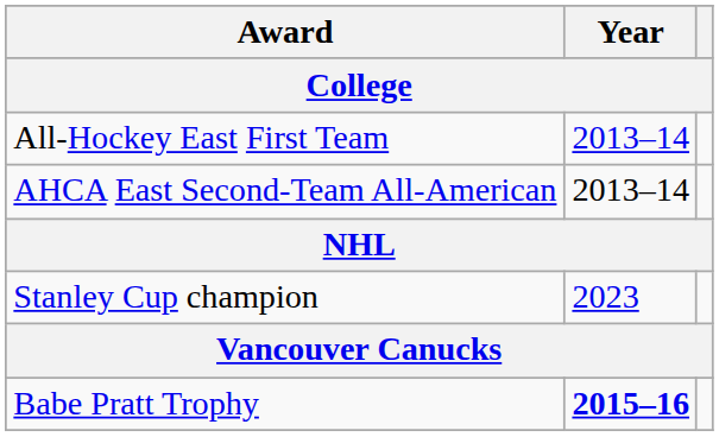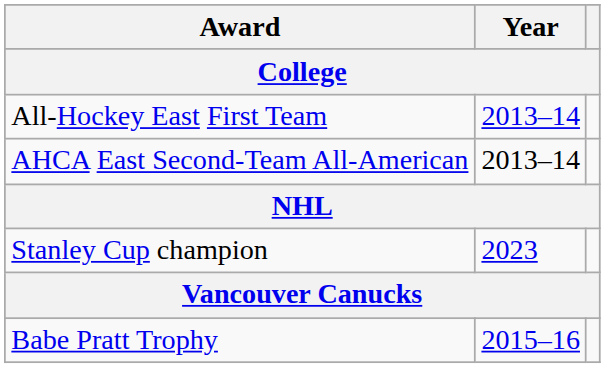 <table class="wikitable">
 <tr>
 <th>Award</th>
 <th>Year</th>
 <th></th>
 </tr>
 <tr>
 <th colspan="3"><a href='#'>College</a></th>
 </tr>
 <tr>
 <td>All-<a href='#'>Hockey East</a> <a href='#'>First Team</a></td>
 <td><a href='#'>2013–14</a></td>
 <td></td>
 </tr>
 <tr>
 <td><a href='#'>AHCA</a> <a href='#'>East Second-Team All-American</a></td>
 <td>2013–14</td>
 <td></td>
 </tr>
 <tr>
 <th colspan="3"><a href='#'>NHL</a></th>
 </tr>
 <tr>
 <td><a href='#'>Stanley Cup</a> champion</td>
 <td><a href='#'>2023</a></td>
 <td></td>
 </tr>
 <tr>
 <th colspan="3"><a href='#'>Vancouver Canucks</a></th>
 </tr>
 <tr>
 <td><a href='#'>Babe Pratt Trophy</a></td>
-<td><strong><a href='#'>2015–16</a></strong></td>
+<td><a href='#'>2015–16</a></td>
 <td></td>
 </tr>
 </table>
